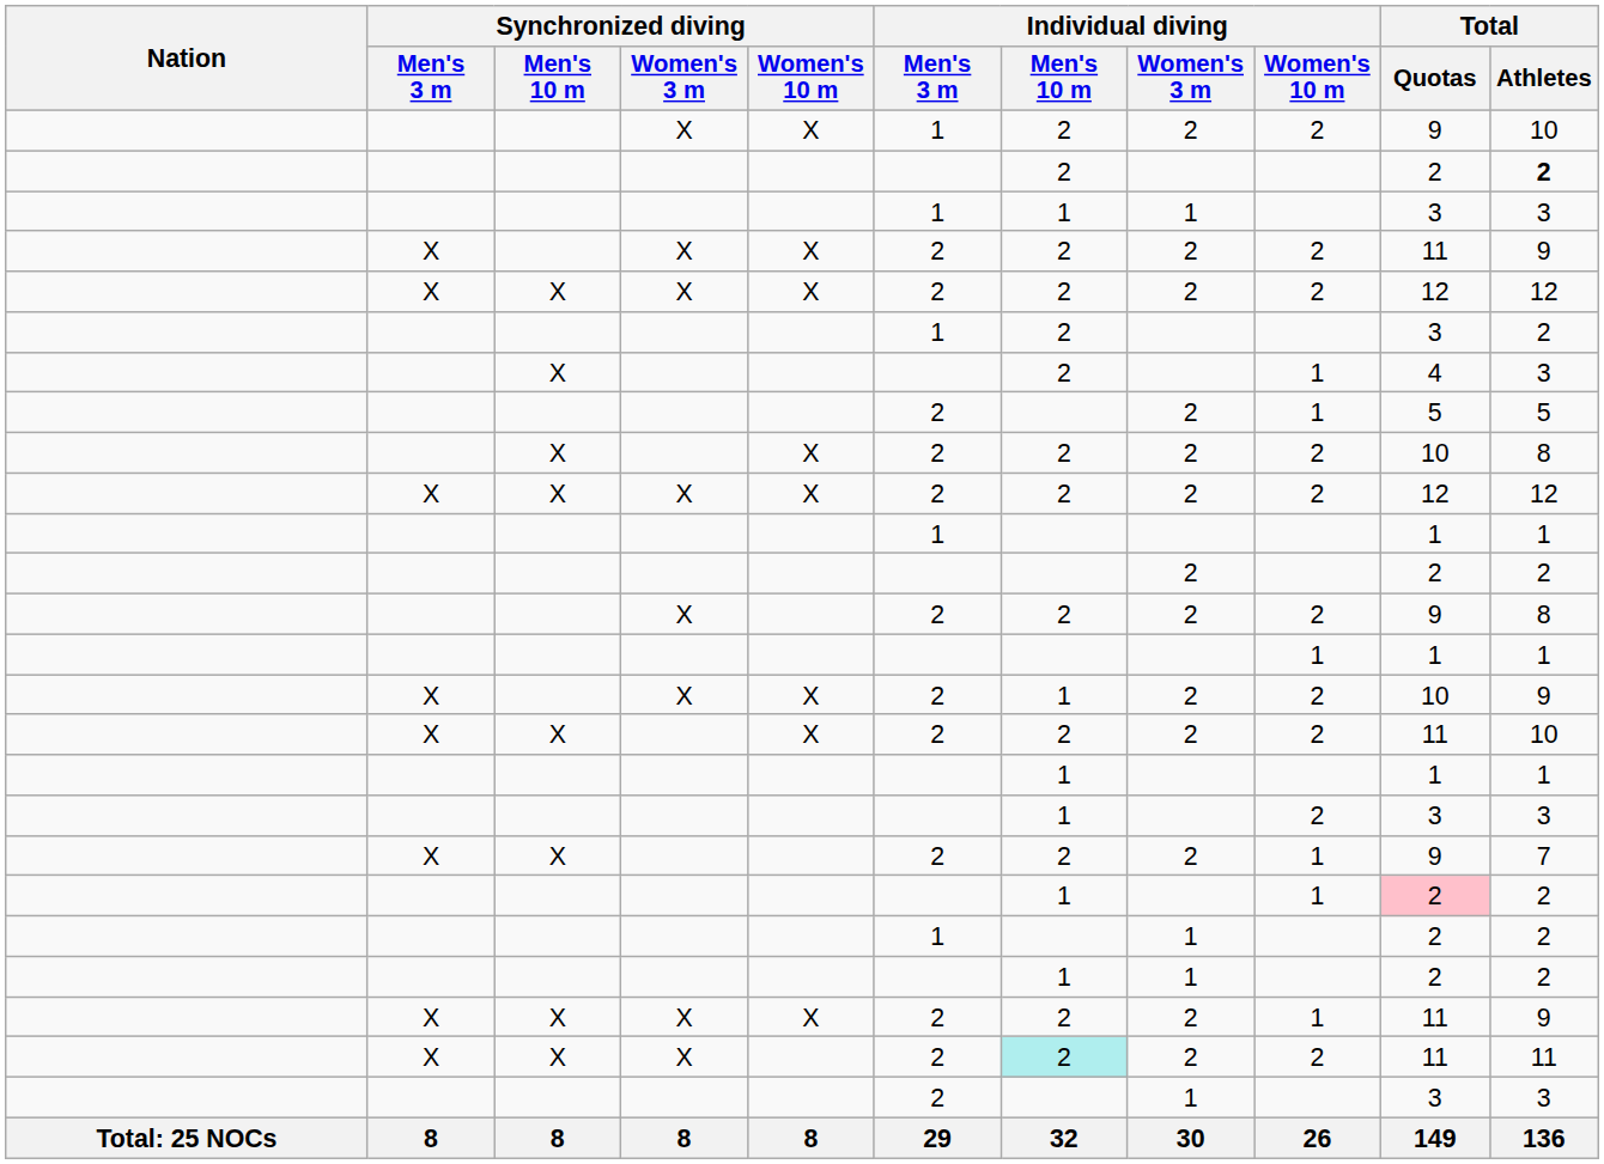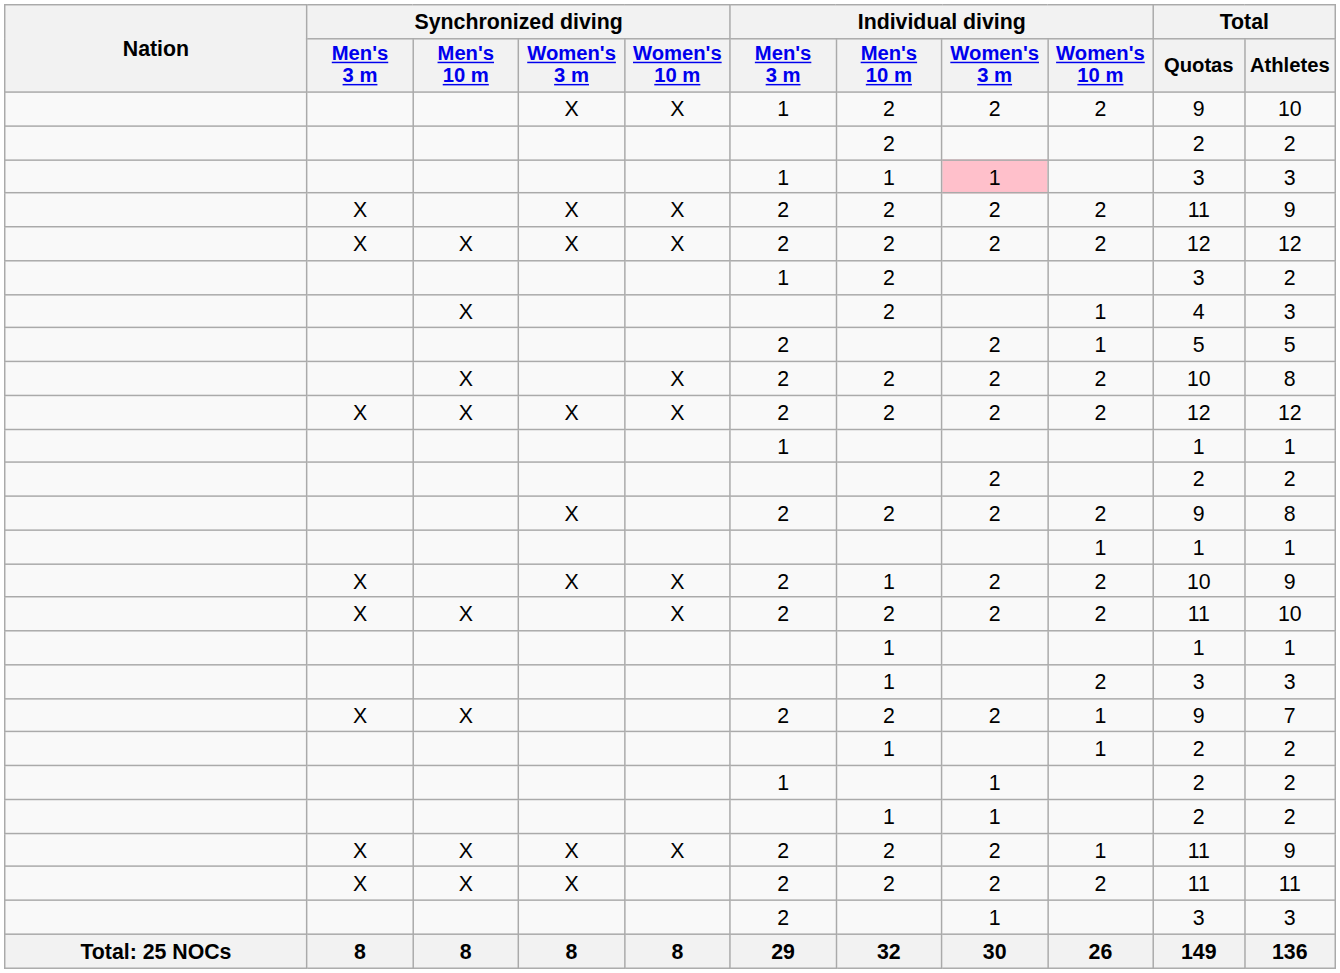 <table class="wikitable" width=900 style="text-align:center; font-size:90%">
 <tr>
 <th rowspan="2" style="text-align:center;">Nation</th>
 <th colspan="4">Synchronized diving</th>
 <th colspan="4">Individual diving</th>
 <th colspan=2>Total</th>
 </tr>
 <tr style="font-size:95%">
 <th width=65><a href='#'>Men's<br>3 m</a></th>
 <th width=65><a href='#'>Men's<br>10 m</a></th>
 <th width=65><a href='#'>Women's<br>3 m</a></th>
 <th width=65><a href='#'>Women's<br>10 m</a></th>
 <th width=65><a href='#'>Men's<br>3 m</a></th>
 <th width=65><a href='#'>Men's<br>10 m</a></th>
 <th width=65><a href='#'>Women's<br>3 m</a></th>
 <th width=65><a href='#'>Women's<br>10 m</a></th>
 <th width=55>Quotas</th>
 <th width=55>Athletes</th>
 </tr>
 <tr>
 <td style="text-align:left;"></td>
 <td></td>
 <td></td>
 <td>X</td>
 <td>X</td>
 <td>1</td>
 <td>2</td>
 <td>2</td>
 <td>2</td>
 <td>9</td>
 <td>10</td>
 </tr>
 <tr>
 <td style="text-align:left;"></td>
 <td></td>
 <td></td>
 <td></td>
 <td></td>
 <td></td>
 <td>2</td>
 <td></td>
 <td></td>
 <td>2</td>
-<td><strong>2</strong></td>
+<td>2</td>
 </tr>
 <tr>
 <td style="text-align:left;"></td>
 <td></td>
 <td></td>
 <td></td>
 <td></td>
 <td>1</td>
 <td>1</td>
-<td>1</td>
+<td style="background: pink;">1</td>
 <td></td>
 <td>3</td>
 <td>3</td>
 </tr>
 <tr>
 <td style="text-align:left;"></td>
 <td>X</td>
 <td></td>
 <td>X</td>
 <td>X</td>
 <td>2</td>
 <td>2</td>
 <td>2</td>
 <td>2</td>
 <td>11</td>
 <td>9</td>
 </tr>
 <tr>
 <td style="text-align:left;"></td>
 <td>X</td>
 <td>X</td>
 <td>X</td>
 <td>X</td>
 <td>2</td>
 <td>2</td>
 <td>2</td>
 <td>2</td>
 <td>12</td>
 <td>12</td>
 </tr>
 <tr>
 <td style="text-align:left;"></td>
 <td></td>
 <td></td>
 <td></td>
 <td></td>
 <td>1</td>
 <td>2</td>
 <td></td>
 <td></td>
 <td>3</td>
 <td>2</td>
 </tr>
 <tr>
 <td style="text-align:left;"></td>
 <td></td>
 <td>X</td>
 <td></td>
 <td></td>
 <td></td>
 <td>2</td>
 <td></td>
 <td>1</td>
 <td>4</td>
 <td>3</td>
 </tr>
 <tr>
 <td style="text-align:left;"></td>
 <td></td>
 <td></td>
 <td></td>
 <td></td>
 <td>2</td>
 <td></td>
 <td>2</td>
 <td>1</td>
 <td>5</td>
 <td>5</td>
 </tr>
 <tr>
 <td style="text-align:left;"></td>
 <td></td>
 <td>X</td>
 <td></td>
 <td>X</td>
 <td>2</td>
 <td>2</td>
 <td>2</td>
 <td>2</td>
 <td>10</td>
 <td>8</td>
 </tr>
 <tr>
 <td style="text-align:left;"></td>
 <td>X</td>
 <td>X</td>
 <td>X</td>
 <td>X</td>
 <td>2</td>
 <td>2</td>
 <td>2</td>
 <td>2</td>
 <td>12</td>
 <td>12</td>
 </tr>
 <tr>
 <td style="text-align:left;"></td>
 <td></td>
 <td></td>
 <td></td>
 <td></td>
 <td>1</td>
 <td></td>
 <td></td>
 <td></td>
 <td>1</td>
 <td>1</td>
 </tr>
 <tr>
 <td style="text-align:left;"></td>
 <td></td>
 <td></td>
 <td></td>
 <td></td>
 <td></td>
 <td></td>
 <td>2</td>
 <td></td>
 <td>2</td>
 <td>2</td>
 </tr>
 <tr>
 <td style="text-align:left;"></td>
 <td></td>
 <td></td>
 <td>X</td>
 <td></td>
 <td>2</td>
 <td>2</td>
 <td>2</td>
 <td>2</td>
 <td>9</td>
 <td>8</td>
 </tr>
 <tr>
 <td style="text-align:left;"></td>
 <td></td>
 <td></td>
 <td></td>
 <td></td>
 <td></td>
 <td></td>
 <td></td>
 <td>1</td>
 <td>1</td>
 <td>1</td>
 </tr>
 <tr>
 <td style="text-align:left;"></td>
 <td>X</td>
 <td></td>
 <td>X</td>
 <td>X</td>
 <td>2</td>
 <td>1</td>
 <td>2</td>
 <td>2</td>
 <td>10</td>
 <td>9</td>
 </tr>
 <tr>
 <td style="text-align:left;"></td>
 <td>X</td>
 <td>X</td>
 <td></td>
 <td>X</td>
 <td>2</td>
 <td>2</td>
 <td>2</td>
 <td>2</td>
 <td>11</td>
 <td>10</td>
 </tr>
 <tr>
 <td style="text-align:left;"></td>
 <td></td>
 <td></td>
 <td></td>
 <td></td>
 <td></td>
 <td>1</td>
 <td></td>
 <td></td>
 <td>1</td>
 <td>1</td>
 </tr>
 <tr>
 <td style="text-align:left;"></td>
 <td></td>
 <td></td>
 <td></td>
 <td></td>
 <td></td>
 <td>1</td>
 <td></td>
 <td>2</td>
 <td>3</td>
 <td>3</td>
 </tr>
 <tr>
 <td style="text-align:left;"></td>
 <td>X</td>
 <td>X</td>
 <td></td>
 <td></td>
 <td>2</td>
 <td>2</td>
 <td>2</td>
 <td>1</td>
 <td>9</td>
 <td>7</td>
 </tr>
 <tr>
 <td style="text-align:left;"></td>
 <td></td>
 <td></td>
 <td></td>
 <td></td>
 <td></td>
 <td>1</td>
 <td></td>
 <td>1</td>
-<td style="background: pink;">2</td>
+<td>2</td>
 <td>2</td>
 </tr>
 <tr>
 <td style="text-align:left;"></td>
 <td></td>
 <td></td>
 <td></td>
 <td></td>
 <td>1</td>
 <td></td>
 <td>1</td>
 <td></td>
 <td>2</td>
 <td>2</td>
 </tr>
 <tr>
 <td style="text-align:left;"></td>
 <td></td>
 <td></td>
 <td></td>
 <td></td>
 <td></td>
 <td>1</td>
 <td>1</td>
 <td></td>
 <td>2</td>
 <td>2</td>
 </tr>
 <tr>
 <td style="text-align:left;"></td>
 <td>X</td>
 <td>X</td>
 <td>X</td>
 <td>X</td>
 <td>2</td>
 <td>2</td>
 <td>2</td>
 <td>1</td>
 <td>11</td>
 <td>9</td>
 </tr>
 <tr>
 <td style="text-align:left;"></td>
 <td>X</td>
 <td>X</td>
 <td>X</td>
 <td></td>
 <td>2</td>
-<td style="background: paleturquoise;">2</td>
+<td>2</td>
 <td>2</td>
 <td>2</td>
 <td>11</td>
 <td>11</td>
 </tr>
 <tr>
 <td style="text-align:left;"></td>
 <td></td>
 <td></td>
 <td></td>
 <td></td>
 <td>2</td>
 <td></td>
 <td>1</td>
 <td></td>
 <td>3</td>
 <td>3</td>
 </tr>
 <tr>
 <th>Total: 25 NOCs</th>
 <th>8</th>
 <th>8</th>
 <th>8</th>
 <th>8</th>
 <th>29</th>
 <th>32</th>
 <th>30</th>
 <th>26</th>
 <th>149</th>
 <th>136 </th>
 </tr>
 </table>
